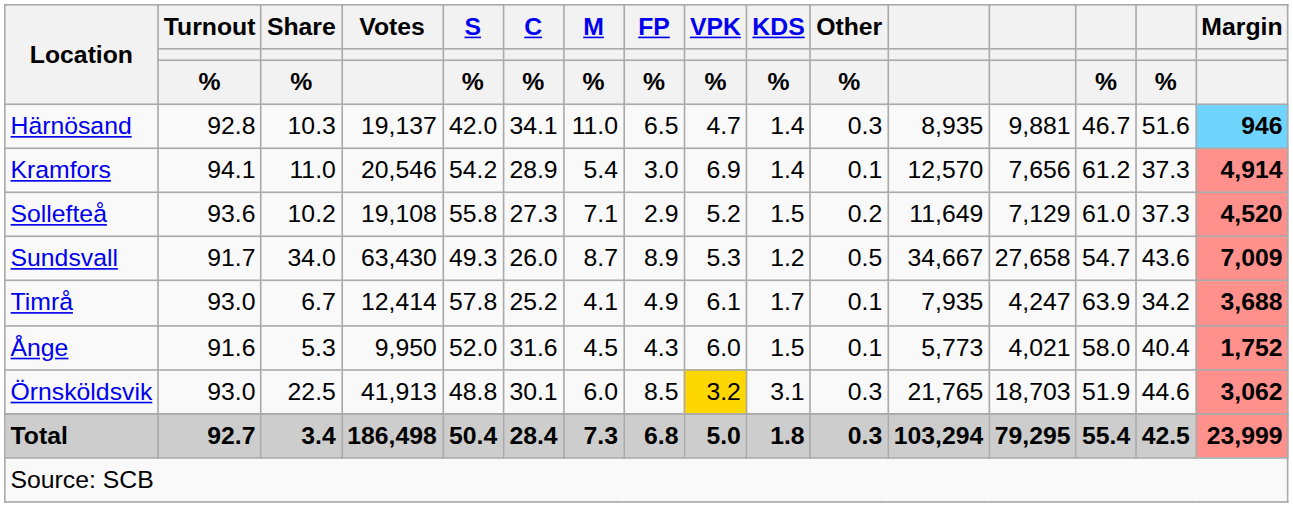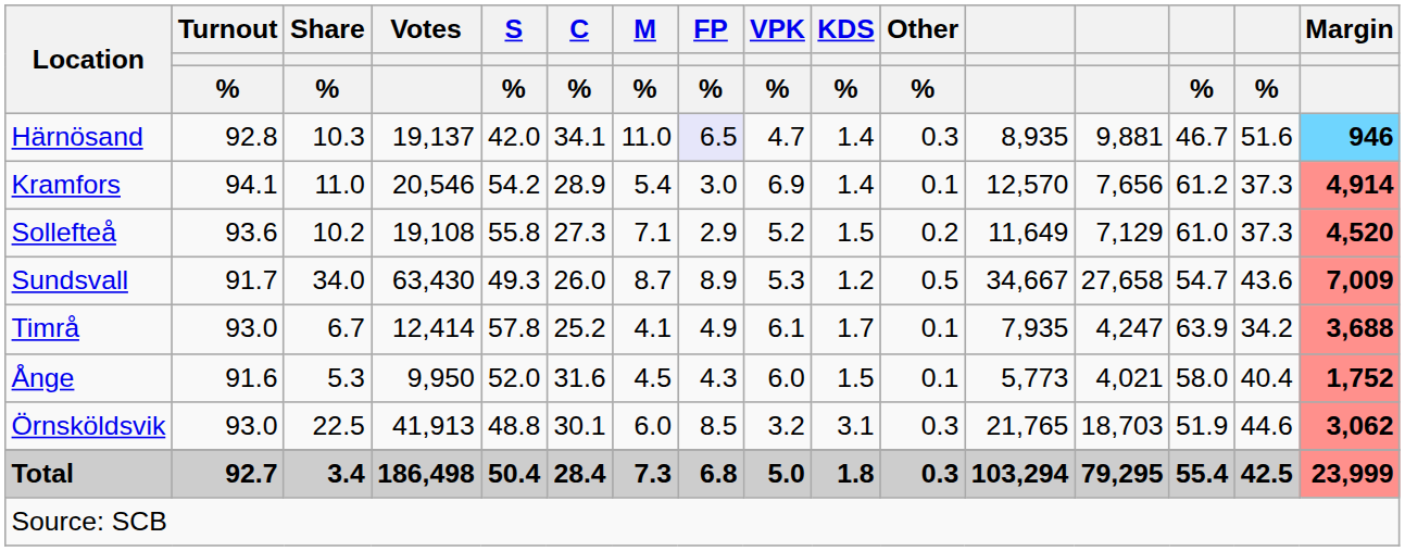 <table class="wikitable sortable" style="text-align:right; font-size:95%; line-height:20px;">
 <tr>
 <th rowspan="3">Location</th>
 <th>Turnout</th>
 <th>Share</th>
 <th>Votes</th>
 <th width="30px" class="unsortable"><a href='#'>S</a></th>
 <th width="30px" class="unsortable"><a href='#'>C</a></th>
 <th width="30px" class="unsortable"><a href='#'>M</a></th>
 <th width="30px" class="unsortable"><a href='#'>FP</a></th>
 <th width="30px" class="unsortable"><a href='#'>VPK</a></th>
 <th width="30px" class="unsortable"><a href='#'>KDS</a></th>
 <th width="30px" class="unsortable">Other</th>
 <th></th>
 <th></th>
 <th></th>
 <th></th>
 <th>Margin</th>
 </tr>
 <tr>
 <th></th>
 <th></th>
 <th></th>
 <th style="background:"></th>
 <th style="background:"></th>
 <th style="background:"></th>
 <th style="background:"></th>
 <th style="background:"></th>
 <th style="background:"></th>
 <th style="background:"></th>
 <th style="background:"></th>
 <th style="background:"></th>
 <th style="background:"></th>
 <th style="background:"></th>
 <th></th>
 </tr>
 <tr>
 <th data-sort-type="number">%</th>
 <th data-sort-type="number">%</th>
 <th></th>
 <th data-sort-type="number">%</th>
 <th data-sort-type="number">%</th>
 <th data-sort-type="number">%</th>
 <th data-sort-type="number">%</th>
 <th data-sort-type="number">%</th>
 <th data-sort-type="number">%</th>
 <th data-sort-type="number">%</th>
 <th data-sort-type="number"></th>
 <th data-sort-type="number"></th>
 <th data-sort-type="number">%</th>
 <th data-sort-type="number">%</th>
 <th data-sort-type="number"></th>
 </tr>
 <tr>
 <td align=left><a href='#'>Härnösand</a></td>
 <td>92.8</td>
 <td>10.3</td>
 <td>19,137</td>
 <td>42.0</td>
 <td>34.1</td>
 <td>11.0</td>
-<td>6.5</td>
+<td style="background: lavender;">6.5</td>
 <td>4.7</td>
 <td>1.4</td>
 <td>0.3</td>
 <td>8,935</td>
 <td>9,881</td>
 <td>46.7</td>
 <td>51.6</td>
 <td bgcolor=#6fd5fe><strong>946</strong></td>
 </tr>
 <tr>
 <td align=left><a href='#'>Kramfors</a></td>
 <td>94.1</td>
 <td>11.0</td>
 <td>20,546</td>
 <td>54.2</td>
 <td>28.9</td>
 <td>5.4</td>
 <td>3.0</td>
 <td>6.9</td>
 <td>1.4</td>
 <td>0.1</td>
 <td>12,570</td>
 <td>7,656</td>
 <td>61.2</td>
 <td>37.3</td>
 <td bgcolor=#ff908c><strong>4,914</strong></td>
 </tr>
 <tr>
 <td align=left><a href='#'>Sollefteå</a></td>
 <td>93.6</td>
 <td>10.2</td>
 <td>19,108</td>
 <td>55.8</td>
 <td>27.3</td>
 <td>7.1</td>
 <td>2.9</td>
 <td>5.2</td>
 <td>1.5</td>
 <td>0.2</td>
 <td>11,649</td>
 <td>7,129</td>
 <td>61.0</td>
 <td>37.3</td>
 <td bgcolor=#ff908c><strong>4,520</strong></td>
 </tr>
 <tr>
 <td align=left><a href='#'>Sundsvall</a></td>
 <td>91.7</td>
 <td>34.0</td>
 <td>63,430</td>
 <td>49.3</td>
 <td>26.0</td>
 <td>8.7</td>
 <td>8.9</td>
 <td>5.3</td>
 <td>1.2</td>
 <td>0.5</td>
 <td>34,667</td>
 <td>27,658</td>
 <td>54.7</td>
 <td>43.6</td>
 <td bgcolor=#ff908c><strong>7,009</strong></td>
 </tr>
 <tr>
 <td align=left><a href='#'>Timrå</a></td>
 <td>93.0</td>
 <td>6.7</td>
 <td>12,414</td>
 <td>57.8</td>
 <td>25.2</td>
 <td>4.1</td>
 <td>4.9</td>
 <td>6.1</td>
 <td>1.7</td>
 <td>0.1</td>
 <td>7,935</td>
 <td>4,247</td>
 <td>63.9</td>
 <td>34.2</td>
 <td bgcolor=#ff908c><strong>3,688</strong></td>
 </tr>
 <tr>
 <td align=left><a href='#'>Ånge</a></td>
 <td>91.6</td>
 <td>5.3</td>
 <td>9,950</td>
 <td>52.0</td>
 <td>31.6</td>
 <td>4.5</td>
 <td>4.3</td>
 <td>6.0</td>
 <td>1.5</td>
 <td>0.1</td>
 <td>5,773</td>
 <td>4,021</td>
 <td>58.0</td>
 <td>40.4</td>
 <td bgcolor=#ff908c><strong>1,752</strong></td>
 </tr>
 <tr>
 <td align=left><a href='#'>Örnsköldsvik</a></td>
 <td>93.0</td>
 <td>22.5</td>
 <td>41,913</td>
 <td>48.8</td>
 <td>30.1</td>
 <td>6.0</td>
 <td>8.5</td>
-<td style="background: gold;">3.2</td>
+<td>3.2</td>
 <td>3.1</td>
 <td>0.3</td>
 <td>21,765</td>
 <td>18,703</td>
 <td>51.9</td>
 <td>44.6</td>
 <td bgcolor=#ff908c><strong>3,062</strong></td>
 </tr>
 <tr>
 </tr>
 <tr style="background:#CDCDCD;">
 <td align=left><strong>Total</strong></td>
 <td><strong>92.7</strong></td>
 <td><strong>3.4</strong></td>
 <td><strong>186,498</strong></td>
 <td><strong>50.4</strong></td>
 <td><strong>28.4</strong></td>
 <td><strong>7.3</strong></td>
 <td><strong>6.8</strong></td>
 <td><strong>5.0</strong></td>
 <td><strong>1.8</strong></td>
 <td><strong>0.3</strong></td>
 <td><strong>103,294</strong></td>
 <td><strong>79,295</strong></td>
 <td><strong>55.4</strong></td>
 <td><strong>42.5</strong></td>
 <td bgcolor=#ff908c><strong>23,999</strong></td>
 </tr>
 <tr>
 <td align=left colspan=16>Source: SCB </td>
 </tr>
 </table>
